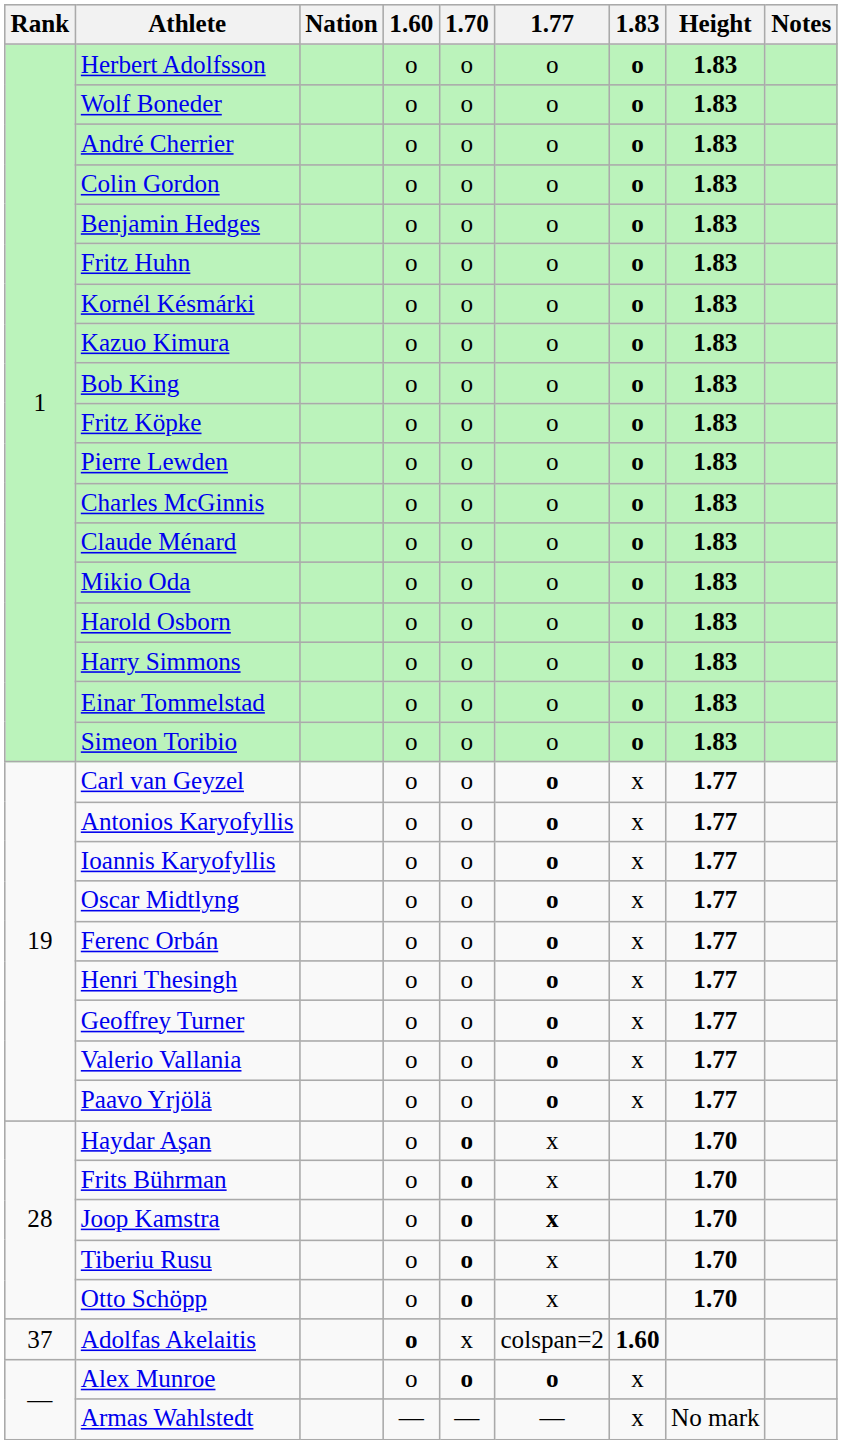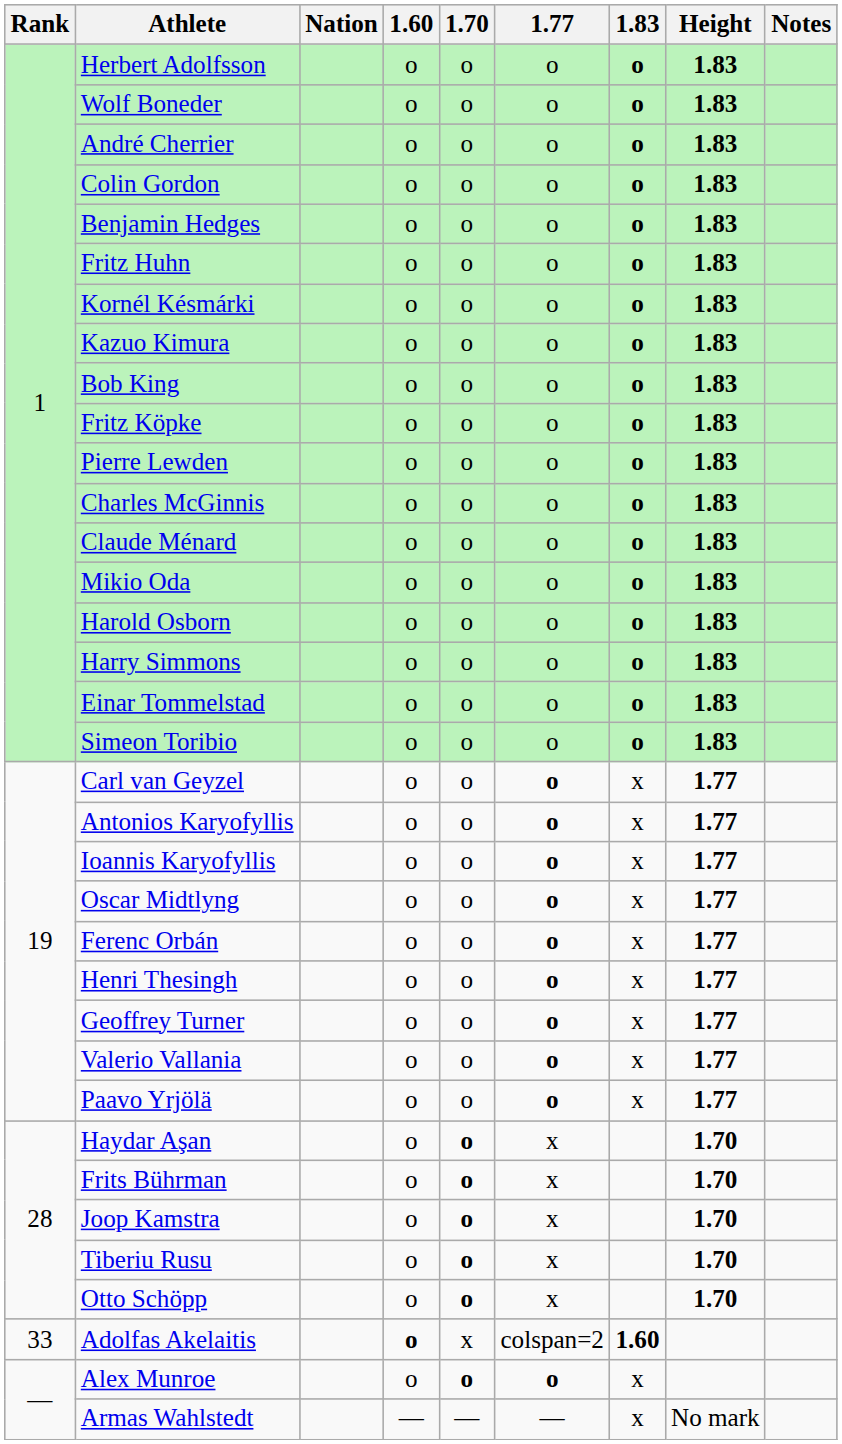 <table class="wikitable sortable" style=text-align:center>
 <tr>
 <th>Rank</th>
 <th>Athlete</th>
 <th>Nation</th>
 <th>1.60</th>
 <th>1.70</th>
 <th>1.77</th>
 <th>1.83</th>
 <th>Height</th>
 <th>Notes</th>
 </tr>
 <tr bgcolor=bbf3bb>
 <td rowspan=18>1</td>
 <td align=left><a href='#'>Herbert Adolfsson</a></td>
 <td align=left></td>
 <td>o</td>
 <td>o</td>
 <td>o</td>
 <td><strong>o</strong></td>
 <td><strong>1.83</strong></td>
 <td></td>
 </tr>
 <tr bgcolor=bbf3bb>
 <td align=left><a href='#'>Wolf Boneder</a></td>
 <td align=left></td>
 <td>o</td>
 <td>o</td>
 <td>o</td>
 <td><strong>o</strong></td>
 <td><strong>1.83</strong></td>
 <td></td>
 </tr>
 <tr bgcolor=bbf3bb>
 <td align=left><a href='#'>André Cherrier</a></td>
 <td align=left></td>
 <td>o</td>
 <td>o</td>
 <td>o</td>
 <td><strong>o</strong></td>
 <td><strong>1.83</strong></td>
 <td></td>
 </tr>
 <tr bgcolor=bbf3bb>
 <td align=left><a href='#'>Colin Gordon</a></td>
 <td align=left></td>
 <td>o</td>
 <td>o</td>
 <td>o</td>
 <td><strong>o</strong></td>
 <td><strong>1.83</strong></td>
 <td></td>
 </tr>
 <tr bgcolor=bbf3bb>
 <td align=left><a href='#'>Benjamin Hedges</a></td>
 <td align=left></td>
 <td>o</td>
 <td>o</td>
 <td>o</td>
 <td><strong>o</strong></td>
 <td><strong>1.83</strong></td>
 <td></td>
 </tr>
 <tr bgcolor=bbf3bb>
 <td align=left><a href='#'>Fritz Huhn</a></td>
 <td align=left></td>
 <td>o</td>
 <td>o</td>
 <td>o</td>
 <td><strong>o</strong></td>
 <td><strong>1.83</strong></td>
 <td></td>
 </tr>
 <tr bgcolor=bbf3bb>
 <td align=left><a href='#'>Kornél Késmárki</a></td>
 <td align=left></td>
 <td>o</td>
 <td>o</td>
 <td>o</td>
 <td><strong>o</strong></td>
 <td><strong>1.83</strong></td>
 <td></td>
 </tr>
 <tr bgcolor=bbf3bb>
 <td align=left><a href='#'>Kazuo Kimura</a></td>
 <td align=left></td>
 <td>o</td>
 <td>o</td>
 <td>o</td>
 <td><strong>o</strong></td>
 <td><strong>1.83</strong></td>
 <td></td>
 </tr>
 <tr bgcolor=bbf3bb>
 <td align=left><a href='#'>Bob King</a></td>
 <td align=left></td>
 <td>o</td>
 <td>o</td>
 <td>o</td>
 <td><strong>o</strong></td>
 <td><strong>1.83</strong></td>
 <td></td>
 </tr>
 <tr bgcolor=bbf3bb>
 <td align=left><a href='#'>Fritz Köpke</a></td>
 <td align=left></td>
 <td>o</td>
 <td>o</td>
 <td>o</td>
 <td><strong>o</strong></td>
 <td><strong>1.83</strong></td>
 <td></td>
 </tr>
 <tr bgcolor=bbf3bb>
 <td align=left><a href='#'>Pierre Lewden</a></td>
 <td align=left></td>
 <td>o</td>
 <td>o</td>
 <td>o</td>
 <td><strong>o</strong></td>
 <td><strong>1.83</strong></td>
 <td></td>
 </tr>
 <tr bgcolor=bbf3bb>
 <td align=left><a href='#'>Charles McGinnis</a></td>
 <td align=left></td>
 <td>o</td>
 <td>o</td>
 <td>o</td>
 <td><strong>o</strong></td>
 <td><strong>1.83</strong></td>
 <td></td>
 </tr>
 <tr bgcolor=bbf3bb>
 <td align=left><a href='#'>Claude Ménard</a></td>
 <td align=left></td>
 <td>o</td>
 <td>o</td>
 <td>o</td>
 <td><strong>o</strong></td>
 <td><strong>1.83</strong></td>
 <td></td>
 </tr>
 <tr bgcolor=bbf3bb>
 <td align=left><a href='#'>Mikio Oda</a></td>
 <td align=left></td>
 <td>o</td>
 <td>o</td>
 <td>o</td>
 <td><strong>o</strong></td>
 <td><strong>1.83</strong></td>
 <td></td>
 </tr>
 <tr bgcolor=bbf3bb>
 <td align=left><a href='#'>Harold Osborn</a></td>
 <td align=left></td>
 <td>o</td>
 <td>o</td>
 <td>o</td>
 <td><strong>o</strong></td>
 <td><strong>1.83</strong></td>
 <td></td>
 </tr>
 <tr bgcolor=bbf3bb>
 <td align=left><a href='#'>Harry Simmons</a></td>
 <td align=left></td>
 <td>o</td>
 <td>o</td>
 <td>o</td>
 <td><strong>o</strong></td>
 <td><strong>1.83</strong></td>
 <td></td>
 </tr>
 <tr bgcolor=bbf3bb>
 <td align=left><a href='#'>Einar Tommelstad</a></td>
 <td align=left></td>
 <td>o</td>
 <td>o</td>
 <td>o</td>
 <td><strong>o</strong></td>
 <td><strong>1.83</strong></td>
 <td></td>
 </tr>
 <tr bgcolor=bbf3bb>
 <td align=left><a href='#'>Simeon Toribio</a></td>
 <td align=left></td>
 <td>o</td>
 <td>o</td>
 <td>o</td>
 <td><strong>o</strong></td>
 <td><strong>1.83</strong></td>
 <td></td>
 </tr>
 <tr>
 <td rowspan=9>19</td>
 <td align=left><a href='#'>Carl van Geyzel</a></td>
 <td align=left></td>
 <td>o</td>
 <td>o</td>
 <td><strong>o</strong></td>
 <td>x</td>
 <td><strong>1.77</strong></td>
 <td></td>
 </tr>
 <tr>
 <td align=left><a href='#'>Antonios Karyofyllis</a></td>
 <td align=left></td>
 <td>o</td>
 <td>o</td>
 <td><strong>o</strong></td>
 <td>x</td>
 <td><strong>1.77</strong></td>
 <td></td>
 </tr>
 <tr>
 <td align=left><a href='#'>Ioannis Karyofyllis</a></td>
 <td align=left></td>
 <td>o</td>
 <td>o</td>
 <td><strong>o</strong></td>
 <td>x</td>
 <td><strong>1.77</strong></td>
 <td></td>
 </tr>
 <tr>
 <td align=left><a href='#'>Oscar Midtlyng</a></td>
 <td align=left></td>
 <td>o</td>
 <td>o</td>
 <td><strong>o</strong></td>
 <td>x</td>
 <td><strong>1.77</strong></td>
 <td></td>
 </tr>
 <tr>
 <td align=left><a href='#'>Ferenc Orbán</a></td>
 <td align=left></td>
 <td>o</td>
 <td>o</td>
 <td><strong>o</strong></td>
 <td>x</td>
 <td><strong>1.77</strong></td>
 <td></td>
 </tr>
 <tr>
 <td align=left><a href='#'>Henri Thesingh</a></td>
 <td align=left></td>
 <td>o</td>
 <td>o</td>
 <td><strong>o</strong></td>
 <td>x</td>
 <td><strong>1.77</strong></td>
 <td></td>
 </tr>
 <tr>
 <td align=left><a href='#'>Geoffrey Turner</a></td>
 <td align=left></td>
 <td>o</td>
 <td>o</td>
 <td><strong>o</strong></td>
 <td>x</td>
 <td><strong>1.77</strong></td>
 <td></td>
 </tr>
 <tr>
 <td align=left><a href='#'>Valerio Vallania</a></td>
 <td align=left></td>
 <td>o</td>
 <td>o</td>
 <td><strong>o</strong></td>
 <td>x</td>
 <td><strong>1.77</strong></td>
 <td></td>
 </tr>
 <tr>
 <td align=left><a href='#'>Paavo Yrjölä</a></td>
 <td align=left></td>
 <td>o</td>
 <td>o</td>
 <td><strong>o</strong></td>
 <td>x</td>
 <td><strong>1.77</strong></td>
 <td></td>
 </tr>
 <tr>
 <td rowspan=5>28</td>
 <td align=left><a href='#'>Haydar Aşan</a></td>
 <td align=left></td>
 <td>o</td>
 <td><strong>o</strong></td>
 <td>x</td>
 <td></td>
 <td><strong>1.70</strong></td>
 <td></td>
 </tr>
 <tr>
 <td align=left><a href='#'>Frits Bührman</a></td>
 <td align=left></td>
 <td>o</td>
 <td><strong>o</strong></td>
 <td>x</td>
 <td></td>
 <td><strong>1.70</strong></td>
 <td></td>
 </tr>
 <tr>
 <td align=left><a href='#'>Joop Kamstra</a></td>
 <td align=left></td>
 <td>o</td>
 <td><strong>o</strong></td>
-<td><strong>x</strong></td>
+<td>x</td>
 <td></td>
 <td><strong>1.70</strong></td>
 <td></td>
 </tr>
 <tr>
 <td align=left><a href='#'>Tiberiu Rusu</a></td>
 <td align=left></td>
 <td>o</td>
 <td><strong>o</strong></td>
 <td>x</td>
 <td></td>
 <td><strong>1.70</strong></td>
 <td></td>
 </tr>
 <tr>
 <td align=left><a href='#'>Otto Schöpp</a></td>
 <td align=left></td>
 <td>o</td>
 <td><strong>o</strong></td>
 <td>x</td>
 <td></td>
 <td><strong>1.70</strong></td>
 <td></td>
 </tr>
 <tr>
-<td>37</td>
+<td>33</td>
 <td align=left><a href='#'>Adolfas Akelaitis</a></td>
 <td align=left></td>
 <td><strong>o</strong></td>
 <td>x</td>
 <td>colspan=2 </td>
 <td><strong>1.60</strong></td>
 <td></td>
 </tr>
 <tr>
 <td rowspan=2 data-sort-value=34>—</td>
 <td align=left><a href='#'>Alex Munroe</a></td>
 <td align=left></td>
 <td>o</td>
 <td><strong>o</strong></td>
 <td><strong>o</strong></td>
 <td>x</td>
 <td data-sort-value=0.00></td>
 <td></td>
 </tr>
 <tr>
 <td align=left><a href='#'>Armas Wahlstedt</a></td>
 <td align=left></td>
 <td>—</td>
 <td>—</td>
 <td>—</td>
 <td>x</td>
 <td data-sort-value=0.00>No mark</td>
 <td></td>
 </tr>
 </table>
